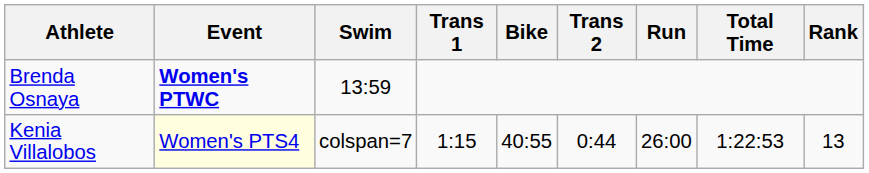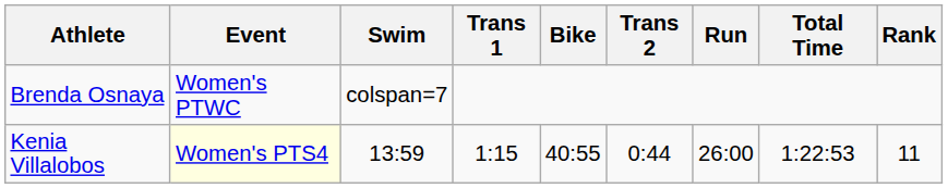 <table class="wikitable" style="font-size:90%;">
 <tr>
 <th>Athlete</th>
 <th>Event</th>
 <th>Swim</th>
 <th>Trans 1</th>
 <th>Bike</th>
 <th>Trans 2</th>
 <th>Run</th>
 <th>Total Time</th>
 <th>Rank</th>
 </tr>
 <tr align="center">
 <td align="left"><a href='#'>Brenda Osnaya</a></td>
-<td align="left"><strong><a href='#'>Women's PTWC</a></strong></td>
-<td>13:59</td>
+<td align="left"><a href='#'>Women's PTWC</a></td>
+<td>colspan=7</td>
 </tr>
 <tr align="center">
 <td align="left"><a href='#'>Kenia Villalobos</a></td>
 <td align="left" style="background: lightyellow;"><a href='#'>Women's PTS4</a></td>
-<td>colspan=7</td>
+<td>13:59</td>
 <td>1:15</td>
 <td>40:55</td>
 <td>0:44</td>
 <td>26:00</td>
 <td>1:22:53</td>
-<td>13</td>
+<td>11</td>
 </tr>
 </table>
